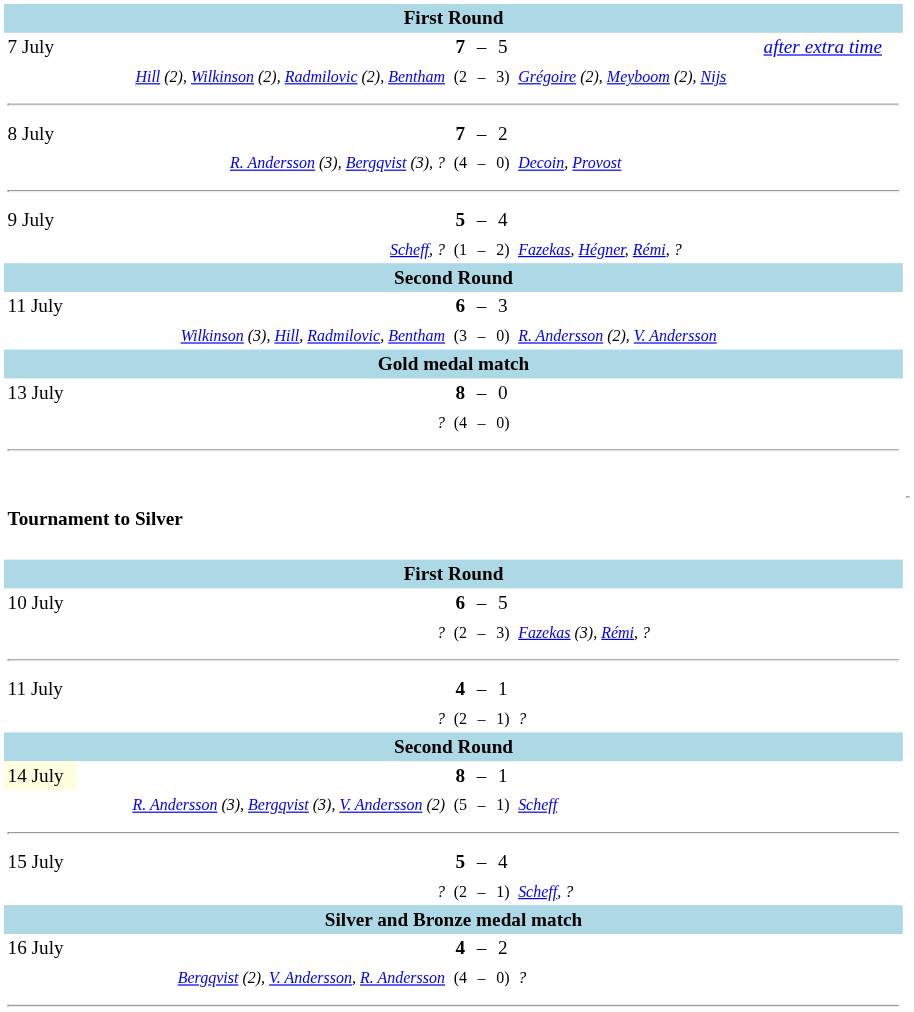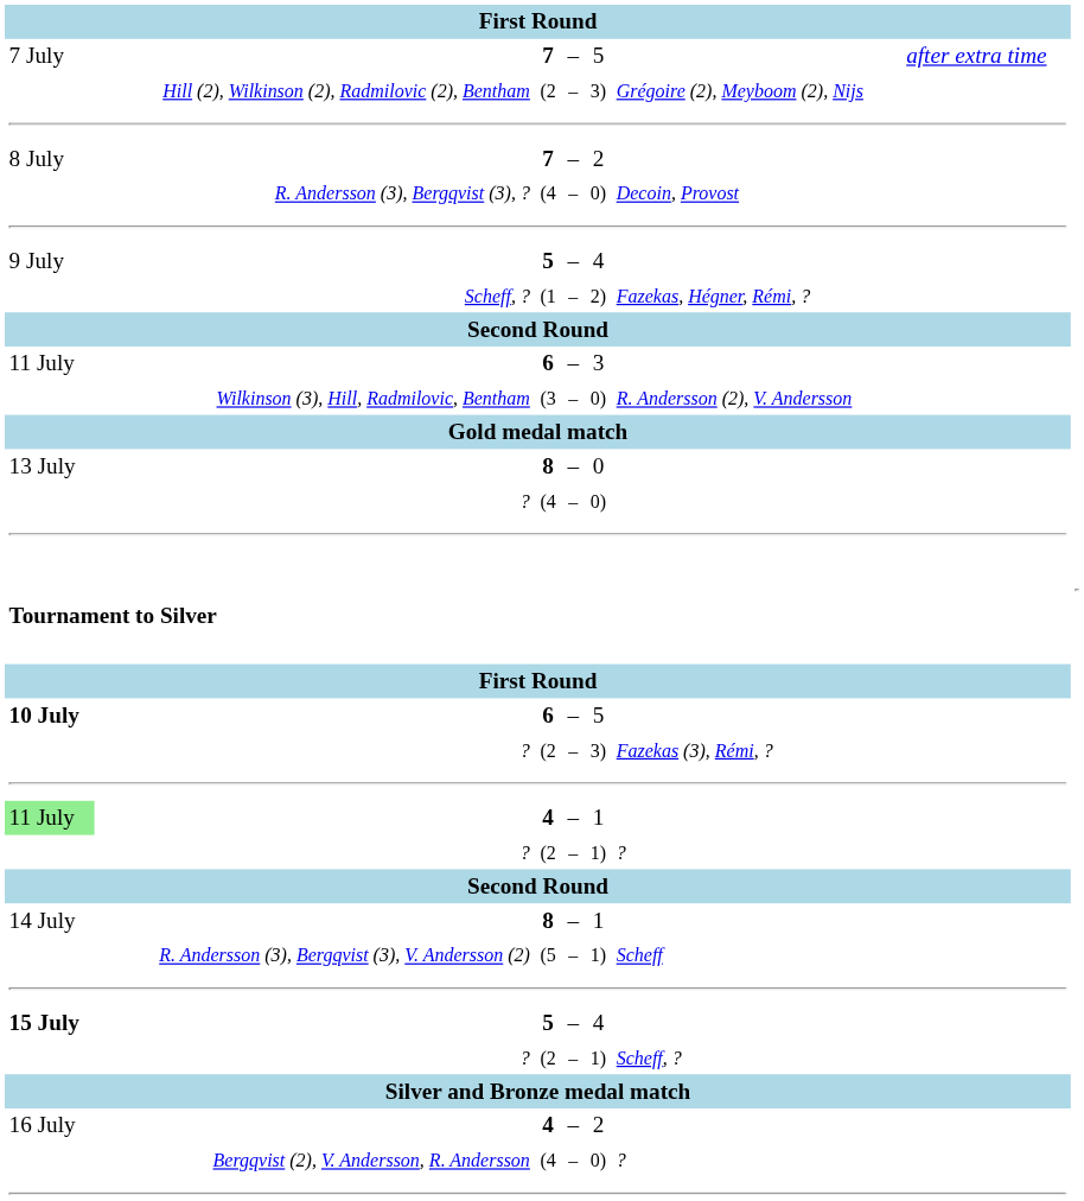 <table valign=top cellspacing=0 cellpadding=3 width=60%>
 <tr>
 <th colspan=8 style="background: lightblue;">First Round</th>
 </tr>
 <tr>
 <td>7 July</td>
 <td></td>
 <td align=right></td>
 <td align=center><strong>7</strong></td>
 <td align=center>–</td>
 <td align=center>5</td>
 <td></td>
 <td><em><a href='#'>after extra time</a></em></td>
 </tr>
 <tr>
 <td></td>
 <td></td>
 <td align=right><small><em><a href='#'>Hill</a> (2), <a href='#'>Wilkinson</a> (2), <a href='#'>Radmilovic</a> (2), <a href='#'>Bentham</a></em></small></td>
 <td align=center><small>(2</small></td>
 <td align=center><small>–</small></td>
 <td align=center><small>3)</small></td>
 <td><small><em><a href='#'>Grégoire</a> (2), <a href='#'>Meyboom</a> (2), <a href='#'>Nijs</a></em></small></td>
 </tr>
 <tr>
 <td colspan=8><hr></td>
 </tr>
 <tr>
 <td>8 July</td>
 <td></td>
 <td align=right></td>
 <td align=center><strong>7</strong></td>
 <td align=center>–</td>
 <td align=center>2</td>
 <td></td>
 </tr>
 <tr>
 <td></td>
 <td></td>
 <td align=right><small><em><a href='#'>R. Andersson</a> (3), <a href='#'>Bergqvist</a> (3), ?</em></small></td>
 <td align=center><small>(4</small></td>
 <td align=center><small>–</small></td>
 <td align=center><small>0)</small></td>
 <td><small><em><a href='#'>Decoin</a>, <a href='#'>Provost</a></em></small></td>
 </tr>
 <tr>
 <td colspan=8><hr></td>
 </tr>
 <tr>
 <td>9 July</td>
 <td></td>
 <td align=right></td>
 <td align=center><strong>5</strong></td>
 <td align=center>–</td>
 <td align=center>4</td>
 <td></td>
 <td></td>
 </tr>
 <tr>
 <td></td>
 <td></td>
 <td align=right><small><em><a href='#'>Scheff</a>, ?</em></small></td>
 <td align=center><small>(1</small></td>
 <td align=center><small>–</small></td>
 <td align=center><small>2)</small></td>
 <td><small><em><a href='#'>Fazekas</a>, <a href='#'>Hégner</a>, <a href='#'>Rémi</a>, ?</em></small></td>
 </tr>
 <tr>
 <th colspan=8 style="background: lightblue;">Second Round</th>
 </tr>
 <tr>
 <td>11 July</td>
 <td></td>
 <td align=right></td>
 <td align=center><strong>6</strong></td>
 <td align=center>–</td>
 <td align=center>3</td>
 <td></td>
 </tr>
 <tr>
 <td></td>
 <td></td>
 <td align=right><small><em><a href='#'>Wilkinson</a> (3), <a href='#'>Hill</a>, <a href='#'>Radmilovic</a>, <a href='#'>Bentham</a></em></small></td>
 <td align=center><small>(3</small></td>
 <td align=center><small>–</small></td>
 <td align=center><small>0)</small></td>
 <td><small><em><a href='#'>R. Andersson</a> (2), <a href='#'>V. Andersson</a></em></small></td>
 </tr>
 <tr>
 <th colspan=8 style="background: lightblue;">Gold medal match</th>
 </tr>
 <tr>
 <td>13 July</td>
 <td></td>
 <td align=right></td>
 <td align=center><strong>8</strong></td>
 <td align=center>–</td>
 <td align=center>0</td>
 <td></td>
 </tr>
 <tr>
 <td></td>
 <td></td>
 <td align=right><small><em>?</em></small></td>
 <td align=center><small>(4</small></td>
 <td align=center><small>–</small></td>
 <td align=center><small>0)</small></td>
 </tr>
 <tr>
 <td colspan=8><hr><br><h4>Tournament to Silver</h4></td>
 <td colspan=8><hr></td>
 </tr>
 <tr>
 <th colspan=8 style="background: lightblue;">First Round</th>
 </tr>
 <tr>
-<td>10 July</td>
+<td><strong>10 July</strong></td>
 <td></td>
 <td align=right></td>
 <td align=center><strong>6</strong></td>
 <td align=center>–</td>
 <td align=center>5</td>
 <td></td>
 <td></td>
 </tr>
 <tr>
 <td></td>
 <td></td>
 <td align=right><small><em>?</em></small></td>
 <td align=center><small>(2</small></td>
 <td align=center><small>–</small></td>
 <td align=center><small>3)</small></td>
 <td><small><em><a href='#'>Fazekas</a> (3), <a href='#'>Rémi</a>, ?</em></small></td>
 </tr>
 <tr>
 <td colspan=8><hr></td>
 </tr>
 <tr>
-<td>11 July</td>
+<td style="background: lightgreen;">11 July</td>
 <td></td>
 <td align=right></td>
 <td align=center><strong>4</strong></td>
 <td align=center>–</td>
 <td align=center>1</td>
 <td></td>
 </tr>
 <tr>
 <td></td>
 <td></td>
 <td align=right><small><em>?</em></small></td>
 <td align=center><small>(2</small></td>
 <td align=center><small>–</small></td>
 <td align=center><small>1)</small></td>
 <td><small><em>?</em></small></td>
 </tr>
 <tr>
 <th colspan=8 style="background: lightblue;">Second Round</th>
 </tr>
 <tr>
-<td style="background: lightyellow;">14 July</td>
+<td>14 July</td>
 <td></td>
 <td align=right></td>
 <td align=center><strong>8</strong></td>
 <td align=center>–</td>
 <td align=center>1</td>
 <td></td>
 <td></td>
 </tr>
 <tr>
 <td></td>
 <td></td>
 <td align=right><small><em><a href='#'>R. Andersson</a> (3), <a href='#'>Bergqvist</a> (3), <a href='#'>V. Andersson</a> (2)</em></small></td>
 <td align=center><small>(5</small></td>
 <td align=center><small>–</small></td>
 <td align=center><small>1)</small></td>
 <td><small><em><a href='#'>Scheff</a></em></small></td>
 </tr>
 <tr>
 <td colspan=8><hr></td>
 </tr>
 <tr>
-<td>15 July</td>
+<td><strong>15 July</strong></td>
 <td></td>
 <td align=right></td>
 <td align=center><strong>5</strong></td>
 <td align=center>–</td>
 <td align=center>4</td>
 <td></td>
 </tr>
 <tr>
 <td></td>
 <td></td>
 <td align=right><small><em>?</em></small></td>
 <td align=center><small>(2</small></td>
 <td align=center><small>–</small></td>
 <td align=center><small>1)</small></td>
 <td><small><em><a href='#'>Scheff</a>, ?</em></small></td>
 </tr>
 <tr>
 <th colspan=8 style="background: lightblue;">Silver and Bronze medal match</th>
 </tr>
 <tr>
 <td>16 July</td>
 <td></td>
 <td align=right></td>
 <td align=center><strong>4</strong></td>
 <td align=center>–</td>
 <td align=center>2</td>
 <td></td>
 </tr>
 <tr>
 <td></td>
 <td></td>
 <td align=right><small><em><a href='#'>Bergqvist</a> (2), <a href='#'>V. Andersson</a>, <a href='#'>R. Andersson</a></em></small></td>
 <td align=center><small>(4</small></td>
 <td align=center><small>–</small></td>
 <td align=center><small>0)</small></td>
 <td><small><em>?</em></small></td>
 </tr>
 <tr>
 <td colspan=8><hr></td>
 </tr>
 </table>
